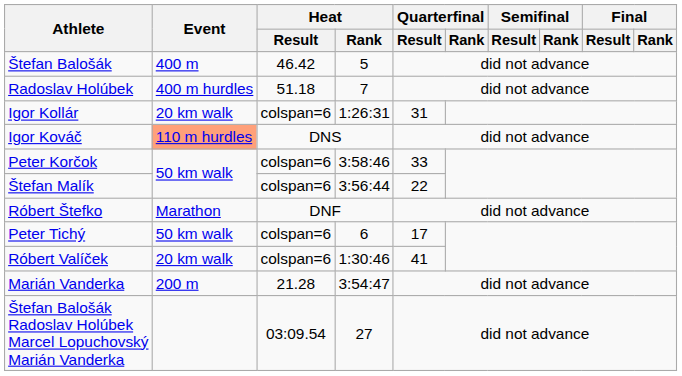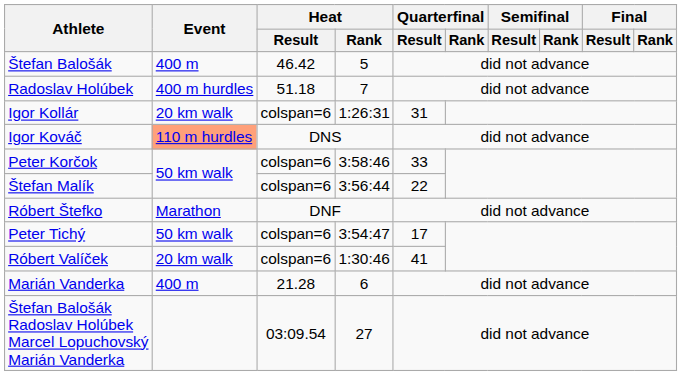 <table class=wikitable style="font-size:90%">
 <tr>
 <th rowspan="2">Athlete</th>
 <th rowspan="2">Event</th>
 <th colspan="2">Heat</th>
 <th colspan="2">Quarterfinal</th>
 <th colspan="2">Semifinal</th>
 <th colspan="2">Final</th>
 </tr>
 <tr style="font-size:95%">
 <th>Result</th>
 <th>Rank</th>
 <th>Result</th>
 <th>Rank</th>
 <th>Result</th>
 <th>Rank</th>
 <th>Result</th>
 <th>Rank</th>
 </tr>
 <tr align=center>
 <td align=left><a href='#'>Štefan Balošák</a></td>
 <td align=left><a href='#'>400 m</a></td>
 <td>46.42</td>
 <td>5</td>
 <td colspan=8>did not advance</td>
 </tr>
 <tr align=center>
 <td align=left><a href='#'>Radoslav Holúbek</a></td>
 <td align=left><a href='#'>400 m hurdles</a></td>
 <td>51.18</td>
 <td>7</td>
 <td colspan=6>did not advance</td>
 </tr>
 <tr align=center>
 <td align=left><a href='#'>Igor Kollár</a></td>
 <td align=left><a href='#'>20 km walk</a></td>
 <td>colspan=6 </td>
 <td>1:26:31</td>
 <td>31</td>
 </tr>
 <tr align=center>
 <td align=left><a href='#'>Igor Kováč</a></td>
 <td align=left style="background: lightsalmon;"><a href='#'>110 m hurdles</a></td>
 <td colspan=2>DNS</td>
 <td colspan=6>did not advance</td>
 </tr>
 <tr align=center>
 <td align=left><a href='#'>Peter Korčok</a></td>
 <td align=left rowspan=2><a href='#'>50 km walk</a></td>
 <td>colspan=6 </td>
 <td>3:58:46</td>
 <td>33</td>
 </tr>
 <tr align=center>
 <td align=left><a href='#'>Štefan Malík</a></td>
 <td>colspan=6 </td>
 <td>3:56:44</td>
 <td>22</td>
 </tr>
 <tr align=center>
 <td align=left><a href='#'>Róbert Štefko</a></td>
 <td align=left><a href='#'>Marathon</a></td>
 <td colspan=2>DNF</td>
 <td colspan=6>did not advance</td>
 </tr>
 <tr align=center>
 <td align=left><a href='#'>Peter Tichý</a></td>
 <td align=left><a href='#'>50 km walk</a></td>
 <td>colspan=6 </td>
-<td>6</td>
+<td>3:54:47</td>
 <td>17</td>
 </tr>
 <tr align=center>
 <td align=left><a href='#'>Róbert Valíček</a></td>
 <td align=left><a href='#'>20 km walk</a></td>
 <td>colspan=6 </td>
 <td>1:30:46</td>
 <td>41</td>
 </tr>
 <tr align=center>
 <td align=left><a href='#'>Marián Vanderka</a></td>
-<td align=left><a href='#'>200 m</a></td>
+<td align=left><a href='#'>400 m</a></td>
 <td>21.28</td>
-<td>3:54:47</td>
+<td>6</td>
 <td colspan=8>did not advance</td>
 </tr>
 <tr align=center>
 <td align=left><a href='#'>Štefan Balošák</a><br><a href='#'>Radoslav Holúbek</a><br><a href='#'>Marcel Lopuchovský</a><br><a href='#'>Marián Vanderka</a></td>
 <td align=left><a href='#'></a></td>
 <td>03:09.54</td>
 <td>27</td>
 <td colspan=8>did not advance</td>
 </tr>
 </table>
